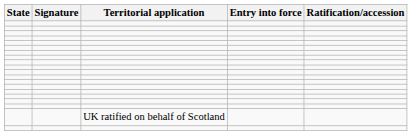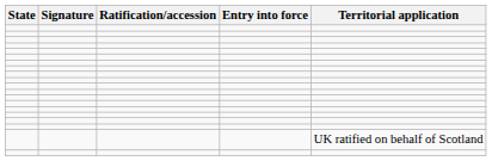 <table class="wikitable sortable">
 <tr>
 <th>State</th>
 <th>Signature</th>
+<th>Ratification/accession</th>
+<th>Entry into force</th>
 <th>Territorial application</th>
-<th>Entry into force</th>
-<th>Ratification/accession</th>
 </tr>
 <tr>
 <td></td>
 <td></td>
 <td></td>
 <td></td>
 <td></td>
 </tr>
 <tr>
 <td></td>
 <td></td>
 <td></td>
 <td></td>
 <td></td>
 </tr>
 <tr>
 <td></td>
 <td></td>
 <td></td>
 <td></td>
 <td></td>
 </tr>
 <tr>
 <td></td>
 <td></td>
 <td></td>
 <td></td>
 <td></td>
 </tr>
 <tr>
 <td></td>
 <td></td>
 <td></td>
 <td></td>
 <td></td>
 </tr>
 <tr>
 <td></td>
 <td></td>
 <td></td>
 <td></td>
 <td></td>
 </tr>
 <tr>
 <td></td>
 <td></td>
 <td></td>
 <td></td>
 <td></td>
 </tr>
 <tr>
 <td></td>
 <td></td>
 <td></td>
 <td></td>
 <td></td>
 </tr>
 <tr>
 <td></td>
 <td></td>
 <td></td>
 <td></td>
 <td></td>
 </tr>
 <tr>
 <td></td>
 <td></td>
 <td></td>
 <td></td>
 <td></td>
 </tr>
 <tr>
 <td></td>
 <td></td>
 <td></td>
 <td></td>
 <td></td>
 </tr>
 <tr>
 <td></td>
 <td></td>
 <td></td>
 <td></td>
 <td></td>
 </tr>
 <tr>
 <td></td>
 <td></td>
 <td></td>
 <td></td>
 <td></td>
 </tr>
 <tr>
 <td></td>
 <td></td>
 <td></td>
 <td><em></em></td>
 <td></td>
 </tr>
 <tr>
 <td></td>
 <td></td>
 <td></td>
 <td></td>
 <td></td>
 </tr>
 <tr>
 <td></td>
 <td></td>
 <td></td>
 <td></td>
 <td></td>
 </tr>
 <tr>
 <td></td>
 <td></td>
 <td></td>
 <td></td>
 <td></td>
 </tr>
 <tr>
 <td></td>
 <td></td>
 <td></td>
 <td></td>
 <td></td>
 </tr>
 <tr>
 <td></td>
 <td></td>
-<td>UK ratified on behalf of Scotland</td>
 <td></td>
 <td></td>
+<td>UK ratified on behalf of Scotland</td>
 </tr>
 <tr>
 <td></td>
 <td></td>
 <td></td>
 <td></td>
 <td></td>
 </tr>
 </table>
